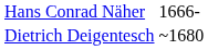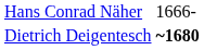 <table>
 <tr>
 <td><a href='#'>Hans Conrad Näher</a></td>
 <td>1666-</td>
 </tr>
 <tr>
 <td><a href='#'>Dietrich Deigentesch</a></td>
-<td>~1680</td>
+<td><strong>~1680</strong></td>
 </tr>
 <tr>
 </tr>
 </table>
